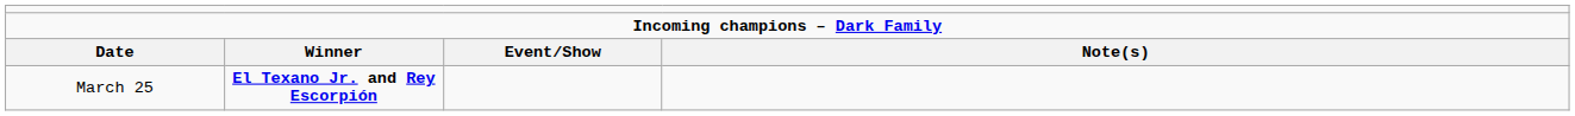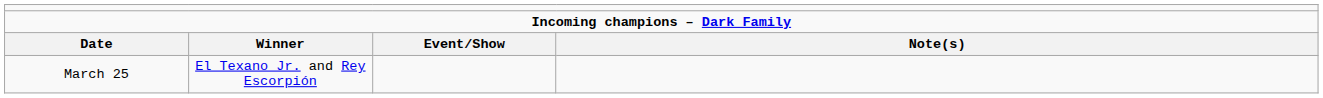 <table class="wikitable" style="text-align:center; width:100%;">
 <tr>
 <td colspan="5"></td>
 </tr>
 <tr>
 <td colspan="5"><strong>Incoming champions – <a href='#'>Dark Family</a> </strong></td>
 </tr>
 <tr>
 <th width=14%>Date</th>
 <th width=14%>Winner</th>
 <th width=14%>Event/Show</th>
 <th width=58%>Note(s)</th>
 </tr>
 <tr>
 <td>March 25</td>
-<td><strong><a href='#'>El Texano Jr.</a> and <a href='#'>Rey Escorpión</a></strong></td>
+<td><a href='#'>El Texano Jr.</a> and <a href='#'>Rey Escorpión</a></td>
 <td></td>
 <td align=left></td>
 </tr>
 </table>
